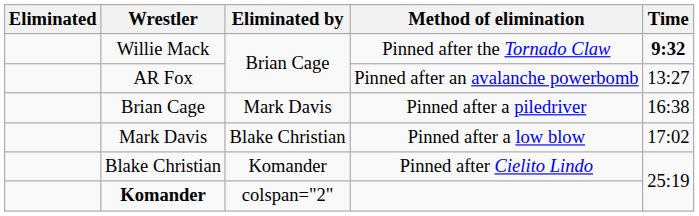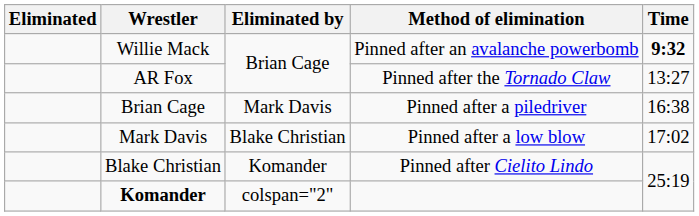 <table class="wikitable sortable" style="text-align:center;">
 <tr>
 <th>Eliminated</th>
 <th>Wrestler</th>
 <th>Eliminated by</th>
 <th>Method of elimination</th>
 <th>Time</th>
 </tr>
 <tr>
 <td></td>
 <td>Willie Mack</td>
 <td rowspan=2>Brian Cage</td>
-<td>Pinned after the <em><a href='#'>Tornado Claw</a></em></td>
+<td>Pinned after an <a href='#'>avalanche powerbomb</a></td>
 <td><strong>9:32</strong></td>
 </tr>
 <tr>
 <td></td>
 <td>AR Fox</td>
-<td>Pinned after an <a href='#'>avalanche powerbomb</a></td>
+<td>Pinned after the <em><a href='#'>Tornado Claw</a></em></td>
 <td>13:27</td>
 </tr>
 <tr>
 <td></td>
 <td>Brian Cage</td>
 <td>Mark Davis</td>
 <td>Pinned after a <a href='#'>piledriver</a></td>
 <td>16:38</td>
 </tr>
 <tr>
 <td></td>
 <td>Mark Davis</td>
 <td>Blake Christian</td>
 <td>Pinned after a <a href='#'>low blow</a></td>
 <td>17:02</td>
 </tr>
 <tr>
 <td></td>
 <td>Blake Christian</td>
 <td>Komander</td>
 <td>Pinned after <em><a href='#'>Cielito Lindo</a></em></td>
 <td rowspan=2>25:19</td>
 </tr>
 <tr>
 <td><strong></strong></td>
 <td><strong>Komander</strong></td>
 <td>colspan="2" </td>
 </tr>
 </table>
